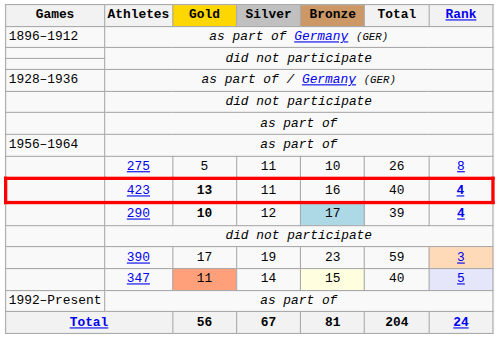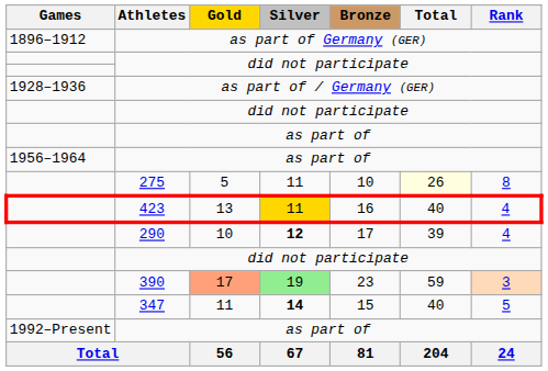 <table class="wikitable" style="text-align:center; font-size:90%;">
 <tr>
 <th>Games</th>
 <th>Athletes</th>
 <td style="background:gold; width:4.5em; font-weight:bold;">Gold</td>
 <td style="background:silver; width:4.5em; font-weight:bold;">Silver</td>
 <td style="background:#cc9966; width:4.5em; font-weight:bold;">Bronze</td>
 <th style="width:4.5em; font-weight:bold;">Total</th>
 <th style="width:4.5em; font-weight:bold;"><a href='#'>Rank</a></th>
 </tr>
 <tr>
 <td align=left>1896–1912</td>
 <td colspan=6><em>as part of  <a href='#'>Germany</a> <small>(GER)</small></em></td>
 </tr>
 <tr>
 <td align=left></td>
 <td colspan=6 rowspan=2><em>did not participate</em></td>
 </tr>
 <tr>
 <td align=left></td>
 </tr>
 <tr>
 <td align=left>1928–1936</td>
 <td colspan=6><em>as part of / <a href='#'>Germany</a> <small>(GER)</small></em></td>
 </tr>
 <tr>
 <td align=left></td>
 <td colspan=6><em>did not participate</em></td>
 </tr>
 <tr>
 <td align=left></td>
 <td colspan=6><em>as part of </em></td>
 </tr>
 <tr>
 <td align=left>1956–1964</td>
 <td colspan=6><em>as part of </em></td>
 </tr>
 <tr>
 <td align=left></td>
 <td><a href='#'>275</a></td>
 <td>5</td>
 <td>11</td>
 <td>10</td>
-<td>26</td>
+<td style="background: lightyellow;">26</td>
 <td><a href='#'>8</a></td>
 </tr>
 <tr style="border: 3px solid red">
 <td align=left></td>
 <td><a href='#'>423</a></td>
-<td><strong>13</strong></td>
-<td>11</td>
+<td>13</td>
+<td style="background: gold;">11</td>
 <td>16</td>
 <td>40</td>
-<td><strong><a href='#'>4</a></strong></td>
+<td><a href='#'>4</a></td>
 </tr>
 <tr>
 <td align=left></td>
 <td><a href='#'>290</a></td>
-<td><strong>10</strong></td>
-<td>12</td>
-<td style="background: lightblue;">17</td>
+<td>10</td>
+<td><strong>12</strong></td>
+<td>17</td>
 <td>39</td>
-<td><strong><a href='#'>4</a></strong></td>
+<td><a href='#'>4</a></td>
 </tr>
 <tr>
 <td align=left></td>
 <td colspan=6><em>did not participate</em></td>
 </tr>
 <tr>
 <td align=left></td>
 <td><a href='#'>390</a></td>
-<td>17</td>
-<td>19</td>
+<td style="background: lightsalmon;">17</td>
+<td style="background: lightgreen;">19</td>
 <td>23</td>
 <td>59</td>
 <td bgcolor=ffdab9><a href='#'>3</a></td>
 </tr>
 <tr>
 <td align=left></td>
 <td><a href='#'>347</a></td>
-<td style="background: lightsalmon;">11</td>
-<td>14</td>
-<td style="background: lightyellow;">15</td>
+<td>11</td>
+<td><strong>14</strong></td>
+<td>15</td>
 <td>40</td>
-<td style="background: lavender;"><a href='#'>5</a></td>
+<td><a href='#'>5</a></td>
 </tr>
 <tr>
 <td align=left>1992–Present</td>
 <td colspan=6><em>as part of </em></td>
 </tr>
 <tr>
 <th colspan=2><a href='#'>Total</a></th>
 <th>56</th>
 <th>67</th>
 <th>81</th>
 <th>204</th>
 <th><a href='#'>24</a></th>
 </tr>
 </table>
